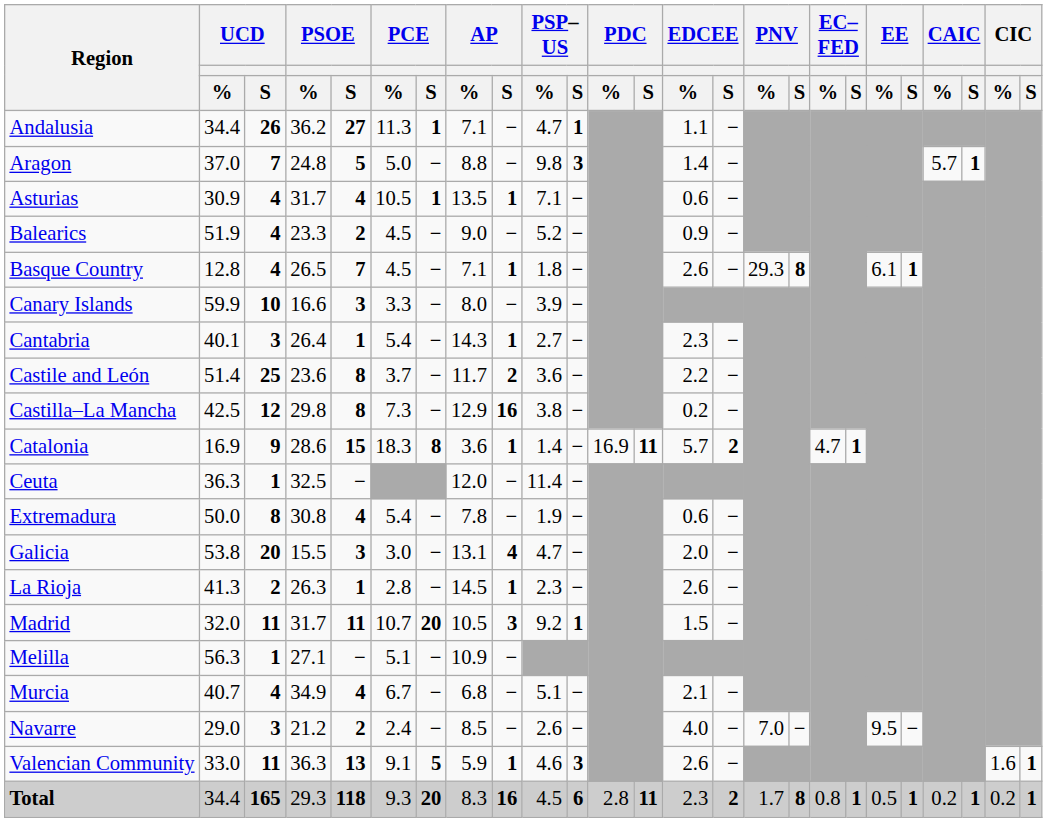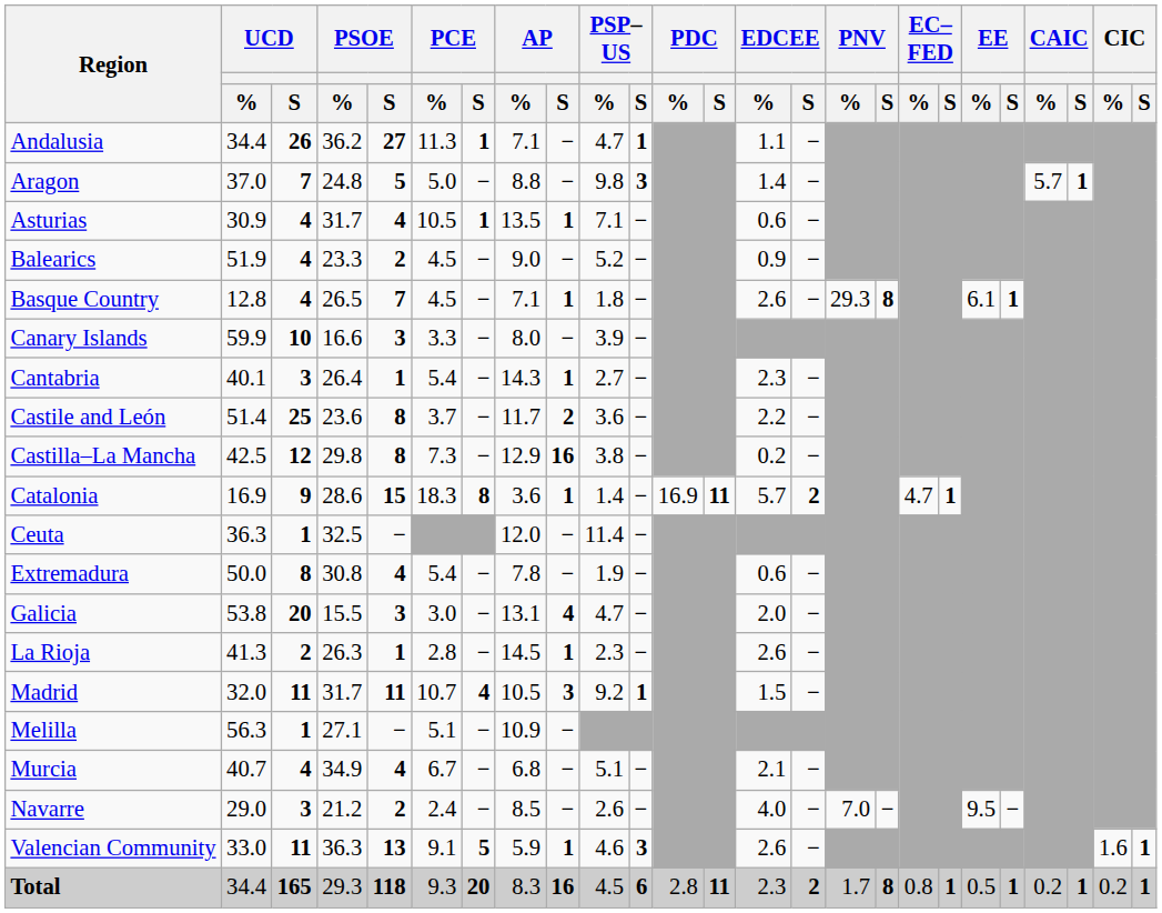 <table class="wikitable sortable" style="text-align:right; line-height:20px;">
 <tr>
 <th rowspan="3">Region</th>
 <th colspan="2" width="30px" class="unsortable"><a href='#'>UCD</a></th>
 <th colspan="2" width="30px" class="unsortable"><a href='#'>PSOE</a></th>
 <th colspan="2" width="30px" class="unsortable"><a href='#'>PCE</a></th>
 <th colspan="2" width="30px" class="unsortable"><a href='#'>AP</a></th>
 <th colspan="2" width="30px" class="unsortable"><a href='#'>PSP</a>–<a href='#'>US</a></th>
 <th colspan="2" width="30px" class="unsortable"><a href='#'>PDC</a></th>
 <th colspan="2" width="30px" class="unsortable"><a href='#'>EDCEE</a></th>
 <th colspan="2" width="30px" class="unsortable"><a href='#'>PNV</a></th>
 <th colspan="2" width="30px" class="unsortable"><a href='#'>EC–FED</a></th>
 <th colspan="2" width="30px" class="unsortable"><a href='#'>EE</a></th>
 <th colspan="2" width="30px" class="unsortable"><a href='#'>CAIC</a></th>
 <th colspan="2" width="30px" class="unsortable">CIC</th>
 </tr>
 <tr>
 <th colspan="2" style="background:"></th>
 <th colspan="2" style="background:"></th>
 <th colspan="2" style="background:"></th>
 <th colspan="2" style="background:"></th>
 <th colspan="2" style="background:"></th>
 <th colspan="2" style="background:"></th>
 <th colspan="2" style="background:"></th>
 <th colspan="2" style="background:"></th>
 <th colspan="2" style="background:"></th>
 <th colspan="2" style="background:"></th>
 <th colspan="2" style="background:"></th>
 <th colspan="2" style="background:"></th>
 </tr>
 <tr>
 <th data-sort-type="number">%</th>
 <th data-sort-type="number">S</th>
 <th data-sort-type="number">%</th>
 <th data-sort-type="number">S</th>
 <th data-sort-type="number">%</th>
 <th data-sort-type="number">S</th>
 <th data-sort-type="number">%</th>
 <th data-sort-type="number">S</th>
 <th data-sort-type="number">%</th>
 <th data-sort-type="number">S</th>
 <th data-sort-type="number">%</th>
 <th data-sort-type="number">S</th>
 <th data-sort-type="number">%</th>
 <th data-sort-type="number">S</th>
 <th data-sort-type="number">%</th>
 <th data-sort-type="number">S</th>
 <th data-sort-type="number">%</th>
 <th data-sort-type="number">S</th>
 <th data-sort-type="number">%</th>
 <th data-sort-type="number">S</th>
 <th data-sort-type="number">%</th>
 <th data-sort-type="number">S</th>
 <th data-sort-type="number">%</th>
 <th data-sort-type="number">S</th>
 </tr>
 <tr>
 <td align="left"><a href='#'>Andalusia</a></td>
 <td>34.4</td>
 <td><strong>26</strong></td>
 <td style="background:">36.2</td>
 <td><strong>27</strong></td>
 <td>11.3</td>
 <td><strong>1</strong></td>
 <td>7.1</td>
 <td>−</td>
 <td>4.7</td>
 <td><strong>1</strong></td>
 <td colspan="2" rowspan="9" bgcolor="#AAAAAA"></td>
 <td>1.1</td>
 <td>−</td>
 <td colspan="2" rowspan="4" bgcolor="#AAAAAA"></td>
 <td colspan="2" rowspan="9" bgcolor="#AAAAAA"></td>
 <td colspan="2" rowspan="4" bgcolor="#AAAAAA"></td>
 <td colspan="2" bgcolor="#AAAAAA"></td>
 <td colspan="2" rowspan="18" bgcolor="#AAAAAA"></td>
 </tr>
 <tr>
 <td align="left"><a href='#'>Aragon</a></td>
 <td style="background:">37.0</td>
 <td><strong>7</strong></td>
 <td>24.8</td>
 <td><strong>5</strong></td>
 <td>5.0</td>
 <td>−</td>
 <td>8.8</td>
 <td>−</td>
 <td>9.8</td>
 <td><strong>3</strong></td>
 <td>1.4</td>
 <td>−</td>
 <td>5.7</td>
 <td><strong>1</strong></td>
 </tr>
 <tr>
 <td align="left"><a href='#'>Asturias</a></td>
 <td>30.9</td>
 <td><strong>4</strong></td>
 <td style="background:">31.7</td>
 <td><strong>4</strong></td>
 <td>10.5</td>
 <td><strong>1</strong></td>
 <td>13.5</td>
 <td><strong>1</strong></td>
 <td>7.1</td>
 <td>−</td>
 <td>0.6</td>
 <td>−</td>
 <td colspan="2" rowspan="17" bgcolor="#AAAAAA"></td>
 </tr>
 <tr>
 <td align="left"><a href='#'>Balearics</a></td>
 <td style="background:">51.9</td>
 <td><strong>4</strong></td>
 <td>23.3</td>
 <td><strong>2</strong></td>
 <td>4.5</td>
 <td>−</td>
 <td>9.0</td>
 <td>−</td>
 <td>5.2</td>
 <td>−</td>
 <td>0.9</td>
 <td>−</td>
 </tr>
 <tr>
 <td align="left"><a href='#'>Basque Country</a></td>
 <td>12.8</td>
 <td><strong>4</strong></td>
 <td>26.5</td>
 <td><strong>7</strong></td>
 <td>4.5</td>
 <td>−</td>
 <td>7.1</td>
 <td><strong>1</strong></td>
 <td>1.8</td>
 <td>−</td>
 <td>2.6</td>
 <td>−</td>
 <td style="background:">29.3</td>
 <td><strong>8</strong></td>
 <td>6.1</td>
 <td><strong>1</strong></td>
 </tr>
 <tr>
 <td align="left"><a href='#'>Canary Islands</a></td>
 <td style="background:">59.9</td>
 <td><strong>10</strong></td>
 <td>16.6</td>
 <td><strong>3</strong></td>
 <td>3.3</td>
 <td>−</td>
 <td>8.0</td>
 <td>−</td>
 <td>3.9</td>
 <td>−</td>
 <td colspan="2" bgcolor="#AAAAAA"></td>
 <td colspan="2" rowspan="12" bgcolor="#AAAAAA"></td>
 <td colspan="2" rowspan="12" bgcolor="#AAAAAA"></td>
 </tr>
 <tr>
 <td align="left"><a href='#'>Cantabria</a></td>
 <td style="background:">40.1</td>
 <td><strong>3</strong></td>
 <td>26.4</td>
 <td><strong>1</strong></td>
 <td>5.4</td>
 <td>−</td>
 <td>14.3</td>
 <td><strong>1</strong></td>
 <td>2.7</td>
 <td>−</td>
 <td>2.3</td>
 <td>−</td>
 </tr>
 <tr>
 <td align="left"><a href='#'>Castile and León</a></td>
 <td style="background:">51.4</td>
 <td><strong>25</strong></td>
 <td>23.6</td>
 <td><strong>8</strong></td>
 <td>3.7</td>
 <td>−</td>
 <td>11.7</td>
 <td><strong>2</strong></td>
 <td>3.6</td>
 <td>−</td>
 <td>2.2</td>
 <td>−</td>
 </tr>
 <tr>
 <td align="left"><a href='#'>Castilla–La Mancha</a></td>
 <td style="background:">42.5</td>
 <td><strong>12</strong></td>
 <td>29.8</td>
 <td><strong>8</strong></td>
 <td>7.3</td>
 <td>−</td>
 <td>12.9</td>
 <td><strong>16</strong></td>
 <td>3.8</td>
 <td>−</td>
 <td>0.2</td>
 <td>−</td>
 </tr>
 <tr>
 <td align="left"><a href='#'>Catalonia</a></td>
 <td>16.9</td>
 <td><strong>9</strong></td>
 <td style="background:">28.6</td>
 <td><strong>15</strong></td>
 <td>18.3</td>
 <td><strong>8</strong></td>
 <td>3.6</td>
 <td><strong>1</strong></td>
 <td>1.4</td>
 <td>−</td>
 <td>16.9</td>
 <td><strong>11</strong></td>
 <td>5.7</td>
 <td><strong>2</strong></td>
 <td>4.7</td>
 <td><strong>1</strong></td>
 </tr>
 <tr>
 <td align="left"><a href='#'>Ceuta</a></td>
 <td style="background:">36.3</td>
 <td><strong>1</strong></td>
 <td>32.5</td>
 <td>−</td>
 <td colspan="2" bgcolor="#AAAAAA"></td>
 <td>12.0</td>
 <td>−</td>
 <td>11.4</td>
 <td>−</td>
 <td colspan="2" rowspan="9" bgcolor="#AAAAAA"></td>
 <td colspan="2" bgcolor="#AAAAAA"></td>
 <td colspan="2" rowspan="9" bgcolor="#AAAAAA"></td>
 </tr>
 <tr>
 <td align="left"><a href='#'>Extremadura</a></td>
 <td style="background:">50.0</td>
 <td><strong>8</strong></td>
 <td>30.8</td>
 <td><strong>4</strong></td>
 <td>5.4</td>
 <td>−</td>
 <td>7.8</td>
 <td>−</td>
 <td>1.9</td>
 <td>−</td>
 <td>0.6</td>
 <td>−</td>
 </tr>
 <tr>
 <td align="left"><a href='#'>Galicia</a></td>
 <td style="background:">53.8</td>
 <td><strong>20</strong></td>
 <td>15.5</td>
 <td><strong>3</strong></td>
 <td>3.0</td>
 <td>−</td>
 <td>13.1</td>
 <td><strong>4</strong></td>
 <td>4.7</td>
 <td>−</td>
 <td>2.0</td>
 <td>−</td>
 </tr>
 <tr>
 <td align="left"><a href='#'>La Rioja</a></td>
 <td style="background:">41.3</td>
 <td><strong>2</strong></td>
 <td>26.3</td>
 <td><strong>1</strong></td>
 <td>2.8</td>
 <td>−</td>
 <td>14.5</td>
 <td><strong>1</strong></td>
 <td>2.3</td>
 <td>−</td>
 <td>2.6</td>
 <td>−</td>
 </tr>
 <tr>
 <td align="left"><a href='#'>Madrid</a></td>
 <td style="background:">32.0</td>
 <td><strong>11</strong></td>
 <td>31.7</td>
 <td><strong>11</strong></td>
 <td>10.7</td>
-<td><strong>20</strong></td>
+<td><strong>4</strong></td>
 <td>10.5</td>
 <td><strong>3</strong></td>
 <td>9.2</td>
 <td><strong>1</strong></td>
 <td>1.5</td>
 <td>−</td>
 </tr>
 <tr>
 <td align="left"><a href='#'>Melilla</a></td>
 <td style="background:">56.3</td>
 <td><strong>1</strong></td>
 <td>27.1</td>
 <td>−</td>
 <td>5.1</td>
 <td>−</td>
 <td>10.9</td>
 <td>−</td>
 <td colspan="2" bgcolor="#AAAAAA"></td>
 <td colspan="2" bgcolor="#AAAAAA"></td>
 </tr>
 <tr>
 <td align="left"><a href='#'>Murcia</a></td>
 <td style="background:">40.7</td>
 <td><strong>4</strong></td>
 <td>34.9</td>
 <td><strong>4</strong></td>
 <td>6.7</td>
 <td>−</td>
 <td>6.8</td>
 <td>−</td>
 <td>5.1</td>
 <td>−</td>
 <td>2.1</td>
 <td>−</td>
 </tr>
 <tr>
 <td align="left"><a href='#'>Navarre</a></td>
 <td style="background:">29.0</td>
 <td><strong>3</strong></td>
 <td>21.2</td>
 <td><strong>2</strong></td>
 <td>2.4</td>
 <td>−</td>
 <td>8.5</td>
 <td>−</td>
 <td>2.6</td>
 <td>−</td>
 <td>4.0</td>
 <td>−</td>
 <td>7.0</td>
 <td>−</td>
 <td>9.5</td>
 <td>−</td>
 </tr>
 <tr>
 <td align="left"><a href='#'>Valencian Community</a></td>
 <td>33.0</td>
 <td><strong>11</strong></td>
 <td style="background:">36.3</td>
 <td><strong>13</strong></td>
 <td>9.1</td>
 <td><strong>5</strong></td>
 <td>5.9</td>
 <td><strong>1</strong></td>
 <td>4.6</td>
 <td><strong>3</strong></td>
 <td>2.6</td>
 <td>−</td>
 <td colspan="2" bgcolor="#AAAAAA"></td>
 <td colspan="2" bgcolor="#AAAAAA"></td>
 <td>1.6</td>
 <td><strong>1</strong></td>
 </tr>
 <tr style="background:#CDCDCD;">
 <td align="left"><strong>Total</strong></td>
 <td style="background:">34.4</td>
 <td><strong>165</strong></td>
 <td>29.3</td>
 <td><strong>118</strong></td>
 <td>9.3</td>
 <td><strong>20</strong></td>
 <td>8.3</td>
 <td><strong>16</strong></td>
 <td>4.5</td>
 <td><strong>6</strong></td>
 <td>2.8</td>
 <td><strong>11</strong></td>
 <td>2.3</td>
 <td><strong>2</strong></td>
 <td>1.7</td>
 <td><strong>8</strong></td>
 <td>0.8</td>
 <td><strong>1</strong></td>
 <td>0.5</td>
 <td><strong>1</strong></td>
 <td>0.2</td>
 <td><strong>1</strong></td>
 <td>0.2</td>
 <td><strong>1</strong></td>
 </tr>
 </table>
